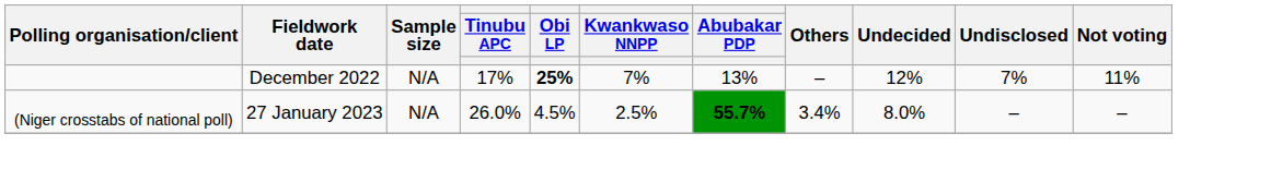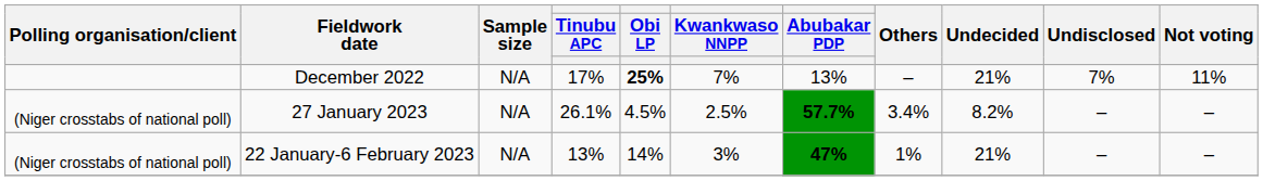 <table class="wikitable" style="text-align:center;font-size:95%;line-height:14px;">
 <tr>
 <th rowspan="3">Polling organisation/client</th>
 <th rowspan="3">Fieldwork<br>date</th>
 <th rowspan="3">Sample<br>size</th>
 <th></th>
 <th></th>
 <th></th>
 <th></th>
 <th rowspan="3">Others</th>
 <th rowspan="3">Undecided</th>
 <th rowspan="3">Undisclosed</th>
 <th rowspan="3">Not voting</th>
 </tr>
 <tr>
 <th><a href='#'>Tinubu</a><br><small><a href='#'>APC</a></small></th>
 <th><a href='#'>Obi</a><br><small><a href='#'>LP</a></small></th>
 <th><a href='#'>Kwankwaso</a><br><small><a href='#'>NNPP</a></small></th>
 <th><a href='#'>Abubakar</a><br><small><a href='#'>PDP</a></small></th>
 </tr>
 <tr>
 <th style="background:"></th>
 <th style="background:"></th>
 <th style="background:"></th>
 <th style="background:"></th>
 </tr>
 <tr>
 <td></td>
 <td>December 2022</td>
 <td>N/A</td>
 <td>17%</td>
 <td><strong>25%</strong></td>
 <td>7%</td>
 <td>13%</td>
 <td>–</td>
-<td>12%</td>
+<td>21%</td>
 <td>7%</td>
 <td>11%</td>
 </tr>
 <tr>
 <td><br><small>(Niger crosstabs of national poll)</small></td>
 <td>27 January 2023</td>
 <td>N/A</td>
-<td>26.0%</td>
+<td>26.1%</td>
 <td>4.5%</td>
 <td>2.5%</td>
-<td bgcolor=#009404><strong>55.7%</strong></td>
+<td bgcolor=#009404><strong>57.7%</strong></td>
 <td>3.4%</td>
-<td>8.0%</td>
+<td>8.2%</td>
+<td>–</td>
+<td>–</td>
+</tr>
+<tr>
+<td><br><small>(Niger crosstabs of national poll)</small></td>
+<td>22 January-6 February 2023</td>
+<td>N/A</td>
+<td>13%</td>
+<td>14%</td>
+<td>3%</td>
+<td bgcolor=#009404><strong>47%</strong></td>
+<td>1%</td>
+<td>21%</td>
 <td>–</td>
 <td>–</td>
 </tr>
 <tr>
 </tr>
 </table>
